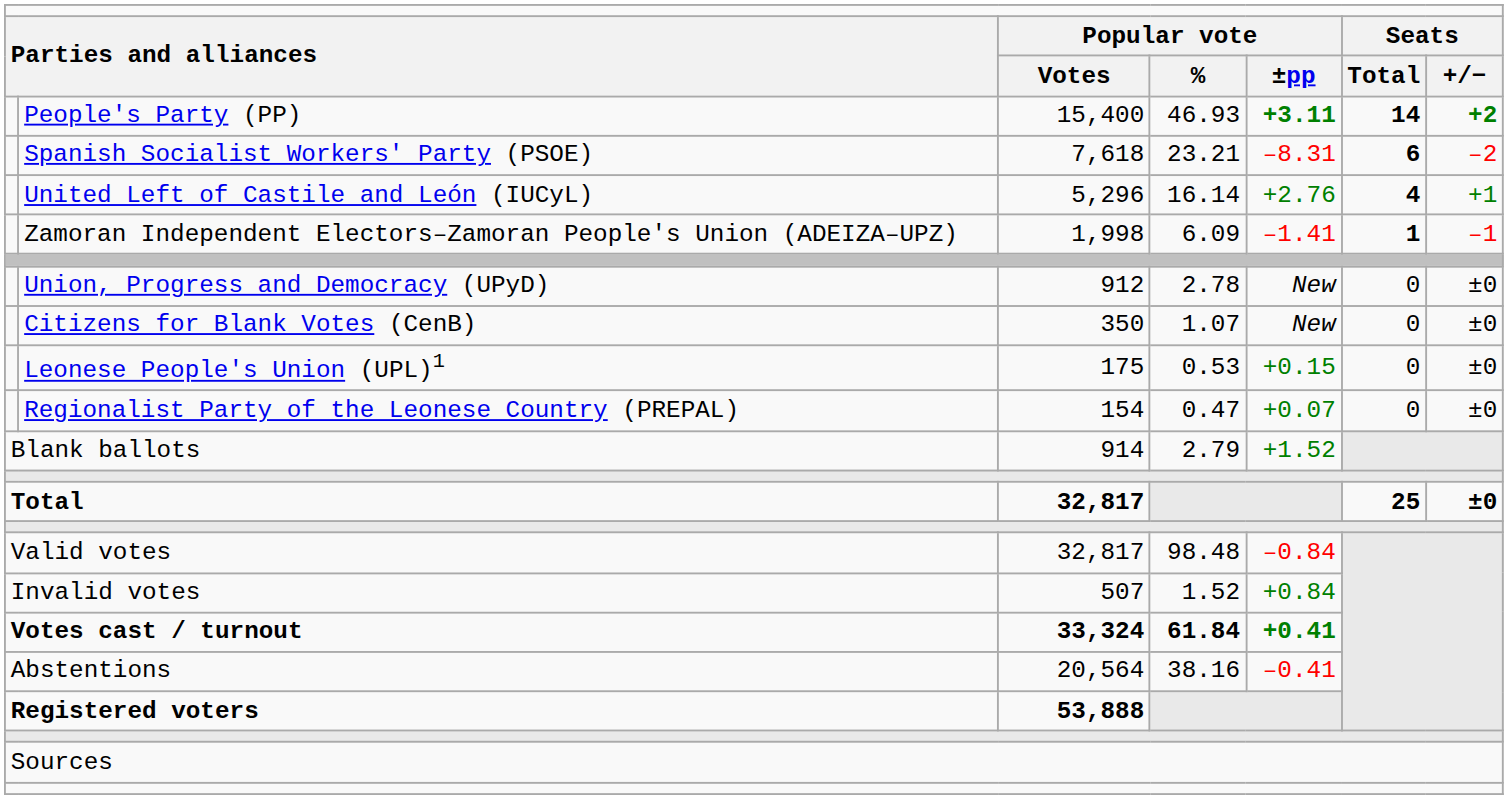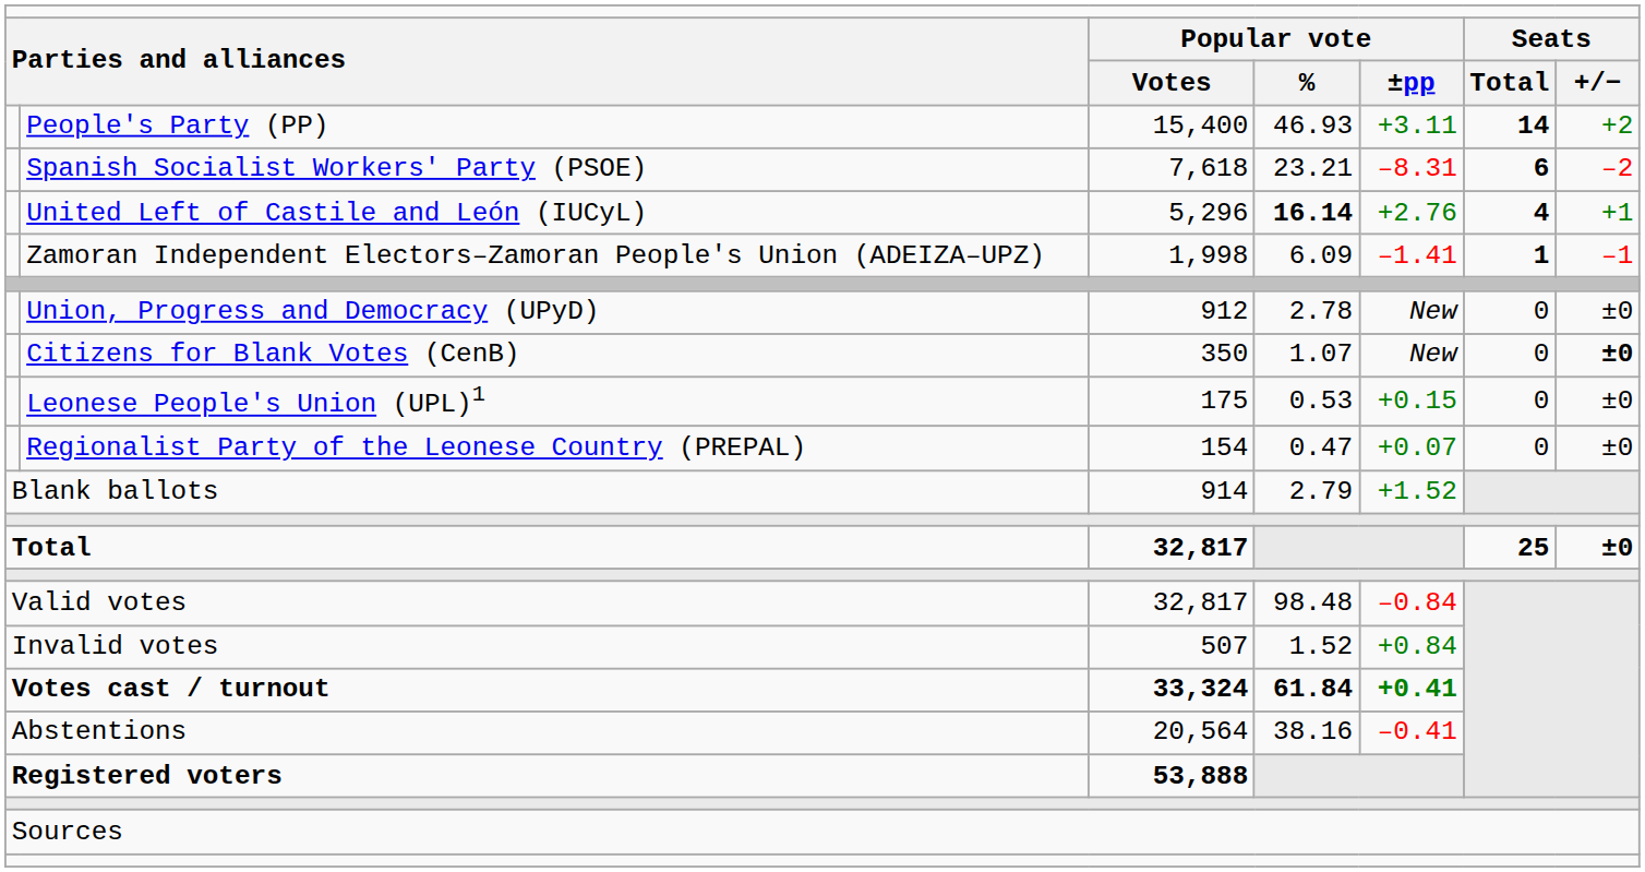 <table class="wikitable" style="text-align:right;">
 <tr>
 <td colspan="7"></td>
 </tr>
 <tr>
 <th style="text-align:left;" rowspan="2" colspan="2" width="525">Parties and alliances</th>
 <th colspan="3">Popular vote</th>
 <th colspan="2">Seats</th>
 </tr>
 <tr>
 <th width="75">Votes</th>
 <th width="45">%</th>
 <th width="45">±<a href='#'>pp</a></th>
 <th width="35">Total</th>
 <th width="35">+/−</th>
 </tr>
 <tr>
 <td width="1" style="color:inherit;background:"></td>
 <td align="left"><a href='#'>People's Party</a> (PP)</td>
 <td>15,400</td>
 <td>46.93</td>
-<td style="color:green;"><strong>+3.11</strong></td>
+<td style="color:green;">+3.11</td>
 <td><strong>14</strong></td>
-<td style="color:green;"><strong>+2</strong></td>
+<td style="color:green;">+2</td>
 </tr>
 <tr>
 <td style="color:inherit;background:"></td>
 <td align="left"><a href='#'>Spanish Socialist Workers' Party</a> (PSOE)</td>
 <td>7,618</td>
 <td>23.21</td>
 <td style="color:red;">–8.31</td>
 <td><strong>6</strong></td>
 <td style="color:red;">–2</td>
 </tr>
 <tr>
 <td style="color:inherit;background:"></td>
 <td align="left"><a href='#'>United Left of Castile and León</a> (IUCyL)</td>
 <td>5,296</td>
-<td>16.14</td>
+<td><strong>16.14</strong></td>
 <td style="color:green;">+2.76</td>
 <td><strong>4</strong></td>
 <td style="color:green;">+1</td>
 </tr>
 <tr>
 <td style="color:inherit;background:"></td>
 <td align="left">Zamoran Independent Electors–Zamoran People's Union (ADEIZA–UPZ)</td>
 <td>1,998</td>
 <td>6.09</td>
 <td style="color:red;">–1.41</td>
 <td><strong>1</strong></td>
 <td style="color:red;">–1</td>
 </tr>
 <tr>
 <td colspan="7" bgcolor="#C0C0C0"></td>
 </tr>
 <tr>
 <td style="color:inherit;background:"></td>
 <td align="left"><a href='#'>Union, Progress and Democracy</a> (UPyD)</td>
 <td>912</td>
 <td>2.78</td>
 <td><em>New</em></td>
 <td>0</td>
 <td>±0</td>
 </tr>
 <tr>
 <td style="color:inherit;background:"></td>
 <td align="left"><a href='#'>Citizens for Blank Votes</a> (CenB)</td>
 <td>350</td>
 <td>1.07</td>
 <td><em>New</em></td>
 <td>0</td>
-<td>±0</td>
+<td><strong>±0</strong></td>
 </tr>
 <tr>
 <td style="color:inherit;background:"></td>
 <td align="left"><a href='#'>Leonese People's Union</a> (UPL)<sup>1</sup></td>
 <td>175</td>
 <td>0.53</td>
 <td style="color:green;">+0.15</td>
 <td>0</td>
 <td>±0</td>
 </tr>
 <tr>
 <td style="color:inherit;background:"></td>
 <td align="left"><a href='#'>Regionalist Party of the Leonese Country</a> (PREPAL)</td>
 <td>154</td>
 <td>0.47</td>
 <td style="color:green;">+0.07</td>
 <td>0</td>
 <td>±0</td>
 </tr>
 <tr>
 <td align="left" colspan="2">Blank ballots</td>
 <td>914</td>
 <td>2.79</td>
 <td style="color:green;">+1.52</td>
 <td bgcolor="#E9E9E9" colspan="2"></td>
 </tr>
 <tr>
 <td colspan="7" bgcolor="#E9E9E9"></td>
 </tr>
 <tr style="font-weight:bold;">
 <td align="left" colspan="2">Total</td>
 <td>32,817</td>
 <td bgcolor="#E9E9E9" colspan="2"></td>
 <td>25</td>
 <td>±0</td>
 </tr>
 <tr>
 <td colspan="7" bgcolor="#E9E9E9"></td>
 </tr>
 <tr>
 <td align="left" colspan="2">Valid votes</td>
 <td>32,817</td>
 <td>98.48</td>
 <td style="color:red;">–0.84</td>
 <td bgcolor="#E9E9E9" colspan="2" rowspan="5"></td>
 </tr>
 <tr>
 <td align="left" colspan="2">Invalid votes</td>
 <td>507</td>
 <td>1.52</td>
 <td style="color:green;">+0.84</td>
 </tr>
 <tr style="font-weight:bold;">
 <td align="left" colspan="2">Votes cast / turnout</td>
 <td>33,324</td>
 <td>61.84</td>
 <td style="color:green;">+0.41</td>
 </tr>
 <tr>
 <td align="left" colspan="2">Abstentions</td>
 <td>20,564</td>
 <td>38.16</td>
 <td style="color:red;">–0.41</td>
 </tr>
 <tr style="font-weight:bold;">
 <td align="left" colspan="2">Registered voters</td>
 <td>53,888</td>
 <td bgcolor="#E9E9E9" colspan="2"></td>
 </tr>
 <tr>
 <td colspan="7" bgcolor="#E9E9E9"></td>
 </tr>
 <tr>
 <td align="left" colspan="7">Sources</td>
 </tr>
 <tr>
 <td colspan="7" style="text-align:left; max-width:790px;"></td>
 </tr>
 </table>
